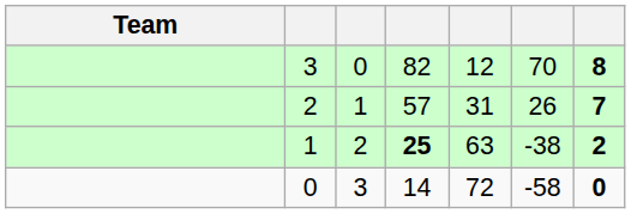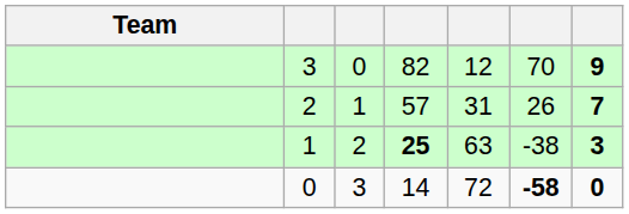 <table class="wikitable" style="text-align:center;">
 <tr>
 <th style="width:10.5em;">Team</th>
 <th style="width:1.5em;"></th>
 <th style="width:1.5em;"></th>
 <th style="width:2.0em;"></th>
 <th style="width:2.0em;"></th>
 <th style="width:2.0em;"></th>
 <th style="width:1.5em;"></th>
 </tr>
 <tr bgcolor=#cfc>
 <td align="left"></td>
 <td>3</td>
 <td>0</td>
 <td>82</td>
 <td>12</td>
 <td>70</td>
-<td><strong>8</strong></td>
+<td><strong>9</strong></td>
 </tr>
 <tr bgcolor=#cfc>
 <td align="left"></td>
 <td>2</td>
 <td>1</td>
 <td>57</td>
 <td>31</td>
 <td>26</td>
 <td><strong>7</strong></td>
 </tr>
 <tr bgcolor=#cfc>
 <td align="left"></td>
 <td>1</td>
 <td>2</td>
 <td><strong>25</strong></td>
 <td>63</td>
 <td>-38</td>
-<td><strong>2</strong></td>
+<td><strong>3</strong></td>
 </tr>
 <tr>
 <td align="left"></td>
 <td>0</td>
 <td>3</td>
 <td>14</td>
 <td>72</td>
-<td>-58</td>
+<td><strong>-58</strong></td>
 <td><strong>0</strong></td>
 </tr>
 </table>
